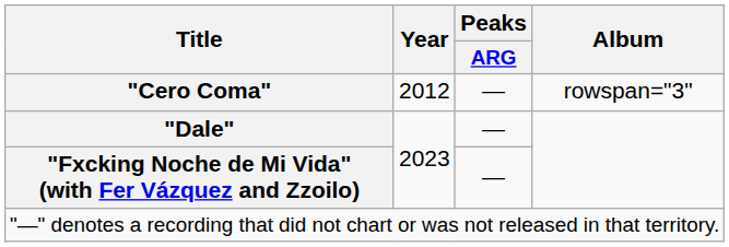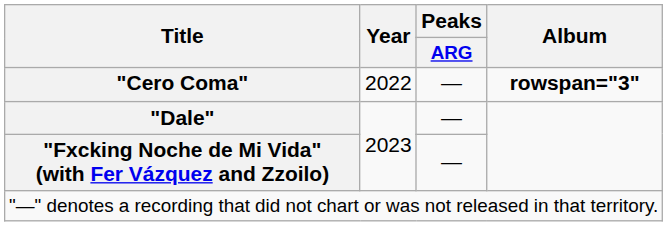 <table class="wikitable plainrowheaders" style="text-align:center;">
 <tr>
 <th scope="col" rowspan="2" style="width:16.5em;">Title</th>
 <th scope="col" rowspan="2" style="width:1em;">Year</th>
 <th scope="col" colspan="1">Peaks</th>
 <th scope="col" rowspan="2">Album</th>
 </tr>
 <tr>
 <th scope="col" style="width:3em;font-size:90%;"><a href='#'>ARG</a></th>
 </tr>
 <tr>
 <th scope="row">"Cero Coma"</th>
-<td>2012</td>
+<td>2022</td>
 <td>—</td>
-<td>rowspan="3" </td>
+<td><strong>rowspan="3" </strong></td>
 </tr>
 <tr>
 <th scope="row">"Dale"</th>
 <td rowspan="2">2023</td>
 <td>—</td>
 </tr>
 <tr>
 <th scope="row">"Fxcking Noche de Mi Vida"<br><span>(with <a href='#'>Fer Vázquez</a> and Zzoilo)</span></th>
 <td>—</td>
 </tr>
 <tr>
 <td colspan="14" style="font-size:90%">"—" denotes a recording that did not chart or was not released in that territory.</td>
 </tr>
 </table>
